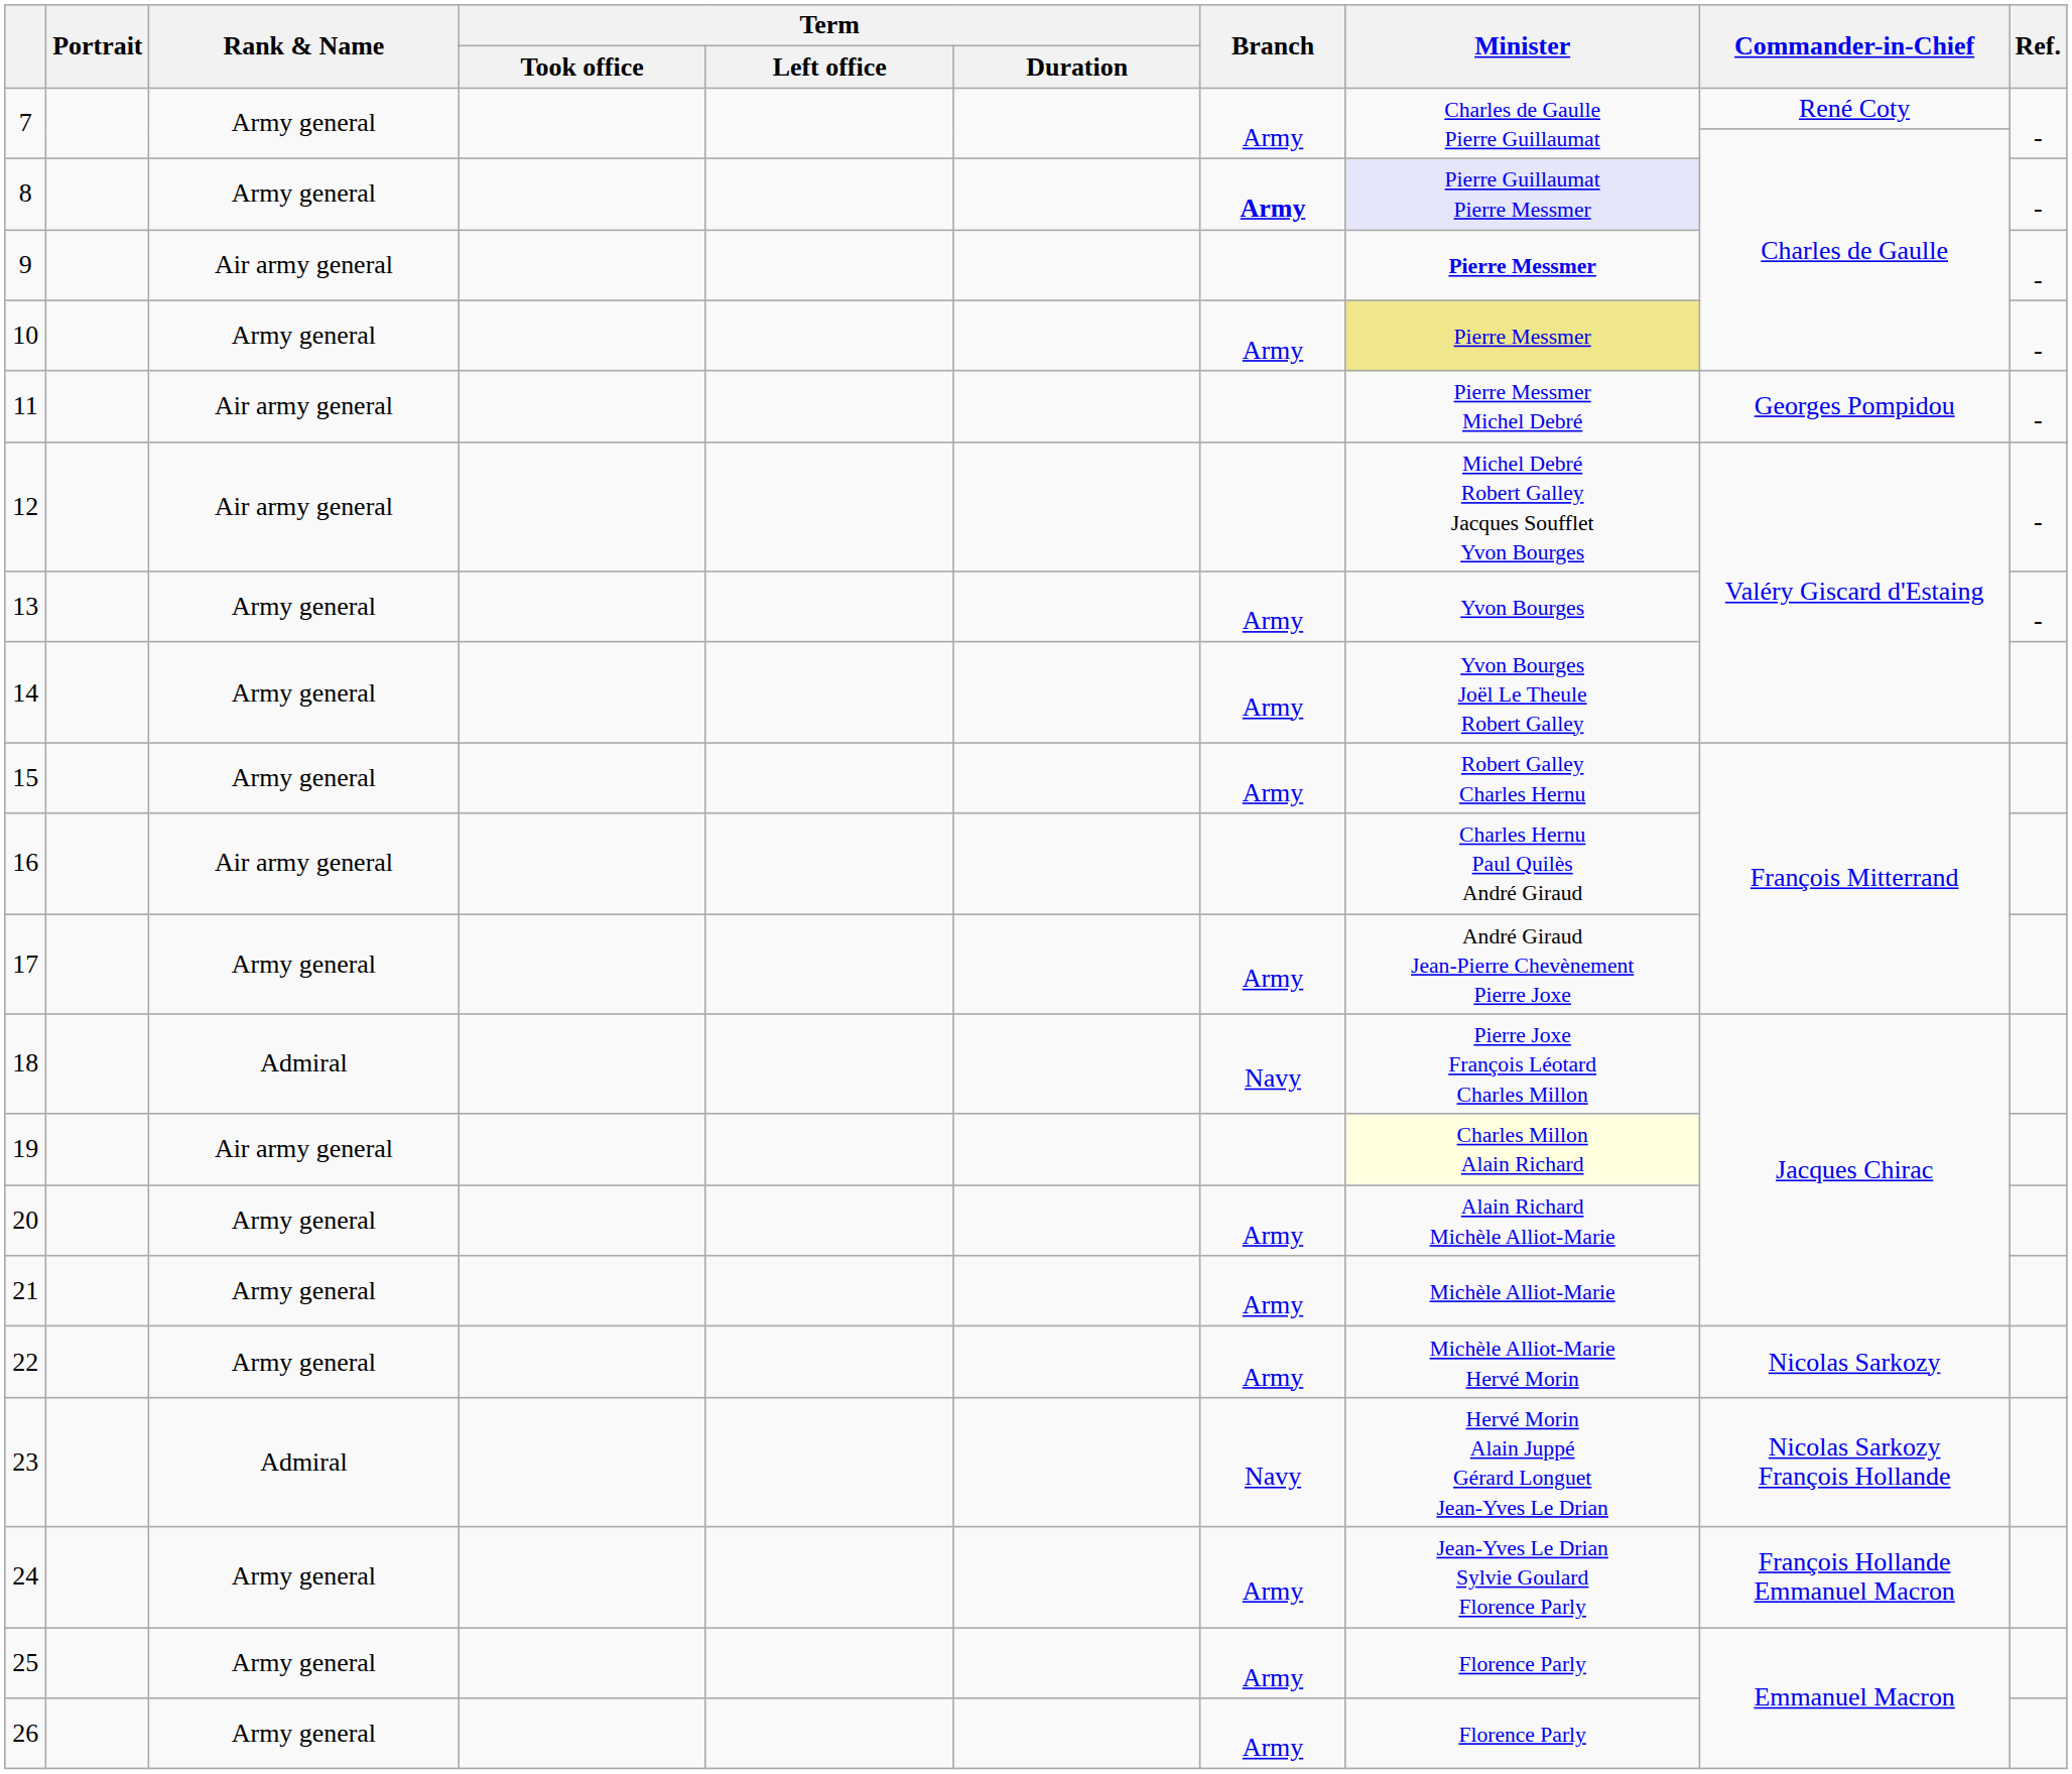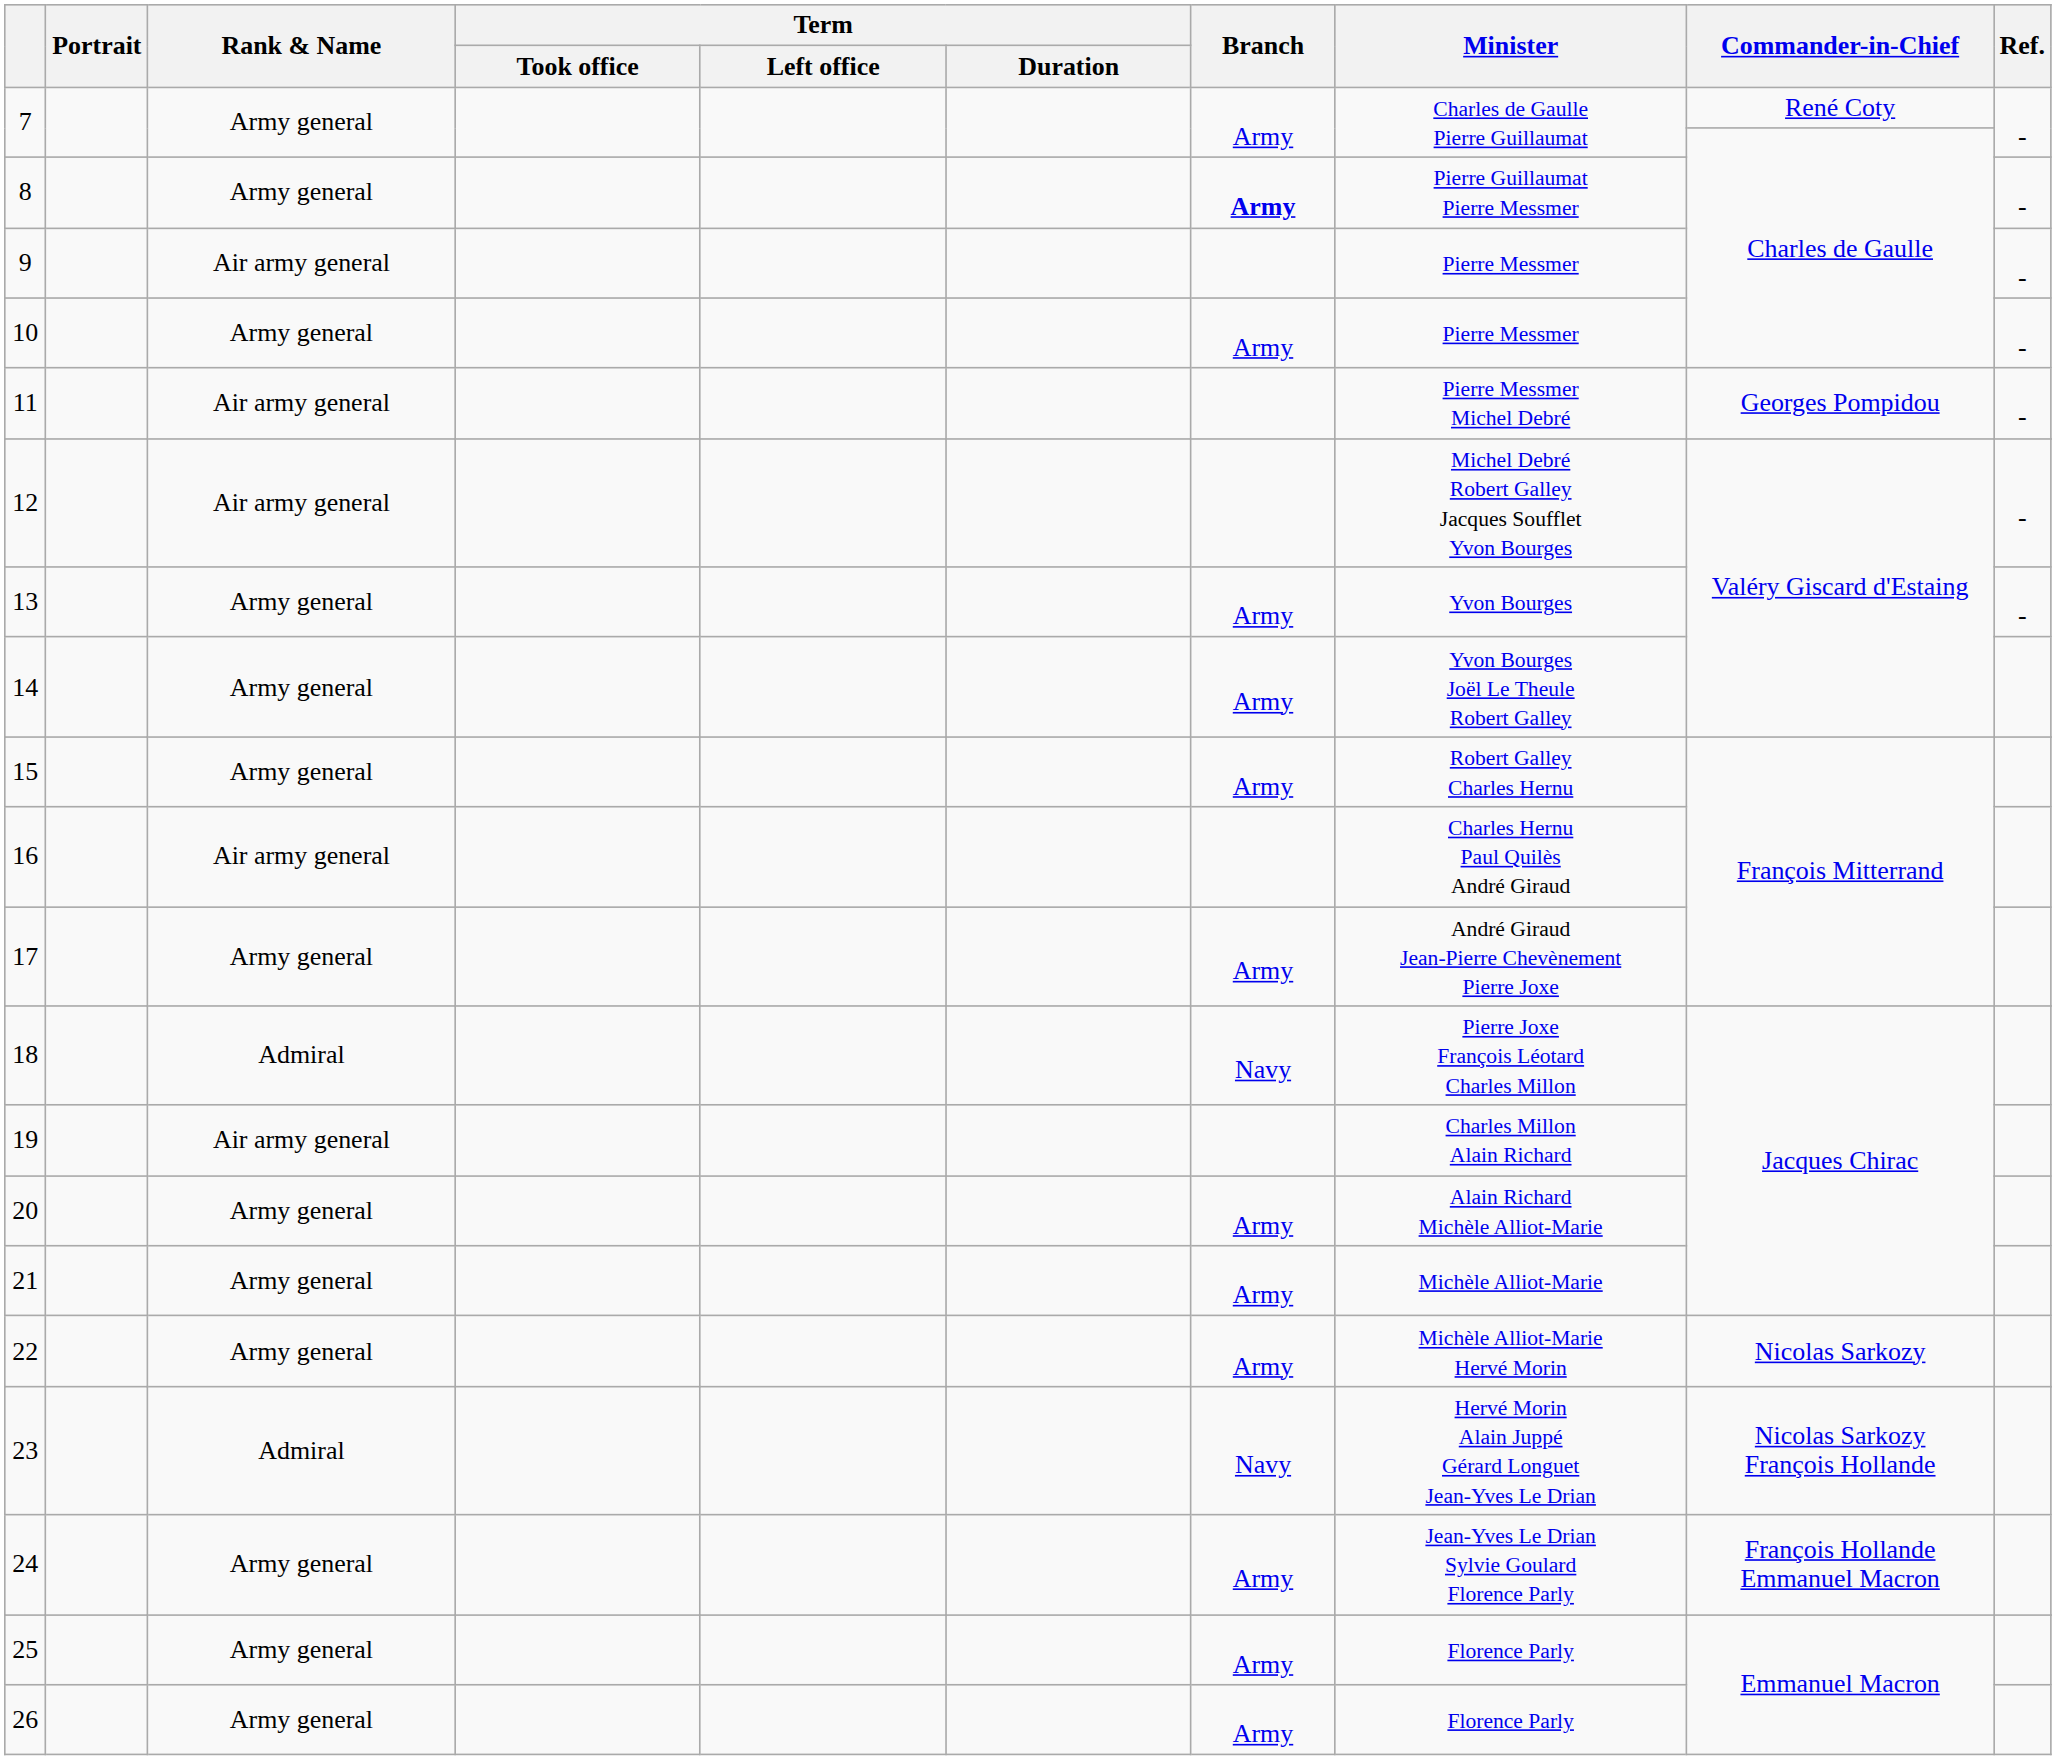 <table class="wikitable" style="text-align:center; width:100%">
 <tr>
 <th style="width:2%" rowspan=2></th>
 <th style="width:5%" rowspan=2>Portrait</th>
 <th style="width:15%" rowspan=2>Rank & Name</th>
 <th colspan=3>Term</th>
 <th style="width:7%" rowspan=2>Branch</th>
 <th rowspan=2><a href='#'>Minister</a></th>
 <th style="width:15%" rowspan=2><a href='#'>Commander-in-Chief</a></th>
 <th style="width:2%" rowspan=2>Ref.</th>
 </tr>
 <tr>
 <th style="width:12%">Took office </th>
 <th style="width:12%">Left office </th>
 <th style="width:12%">Duration</th>
 </tr>
 <tr>
 <td rowspan=2>7</td>
 <td rowspan=2></td>
 <td rowspan=2>Army general<br><strong></strong></td>
 <td rowspan=2></td>
 <td rowspan=2></td>
 <td rowspan=2></td>
 <td rowspan=2><br><a href='#'>Army</a></td>
 <td rowspan=2><small><a href='#'>Charles de Gaulle</a><br><a href='#'>Pierre Guillaumat</a></small></td>
 <td><a href='#'>René Coty</a></td>
 <td rowspan=2><br>-</td>
 </tr>
 <tr>
 <td rowspan=5><a href='#'>Charles de Gaulle</a></td>
 </tr>
 <tr>
 <td>8</td>
 <td></td>
 <td>Army general<br><strong></strong></td>
 <td></td>
 <td></td>
 <td></td>
 <td><strong><br><a href='#'>Army</a></strong></td>
-<td style="background: lavender;"><small><a href='#'>Pierre Guillaumat</a><br><a href='#'>Pierre Messmer</a></small></td>
+<td><small><a href='#'>Pierre Guillaumat</a><br><a href='#'>Pierre Messmer</a></small></td>
 <td><br>-</td>
 </tr>
 <tr>
 <td>9</td>
 <td></td>
 <td>Air army general<br><strong></strong></td>
 <td></td>
 <td></td>
 <td></td>
 <td><br></td>
-<td><strong><small><a href='#'>Pierre Messmer</a></small></strong></td>
+<td><small><a href='#'>Pierre Messmer</a></small></td>
 <td><br>-</td>
 </tr>
 <tr>
 <td>10</td>
 <td></td>
 <td>Army general<br><strong></strong></td>
 <td></td>
 <td></td>
 <td></td>
 <td><br><a href='#'>Army</a></td>
-<td style="background: khaki;"><small><a href='#'>Pierre Messmer</a></small></td>
+<td><small><a href='#'>Pierre Messmer</a></small></td>
 <td><br>-</td>
 </tr>
 <tr>
 <td rowspan=2>11</td>
 <td rowspan=2></td>
 <td rowspan=2>Air army general<br><strong></strong></td>
 <td rowspan=2></td>
 <td rowspan=2></td>
 <td rowspan=2></td>
 <td rowspan=2><br></td>
 <td rowspan=2><small><a href='#'>Pierre Messmer</a><br><a href='#'>Michel Debré</a></small></td>
 <td rowspan=2><br>-</td>
 </tr>
 <tr>
 <td rowspan=2><a href='#'>Georges Pompidou</a></td>
 </tr>
 <tr>
 <td rowspan=2>12</td>
 <td rowspan=2></td>
 <td rowspan=2>Air army general<br><strong></strong></td>
 <td rowspan=2></td>
 <td rowspan=2></td>
 <td rowspan=2></td>
 <td rowspan=2><br></td>
 <td rowspan=2><small><a href='#'>Michel Debré</a><br><a href='#'>Robert Galley</a><br>Jacques Soufflet<br><a href='#'>Yvon Bourges</a></small></td>
 <td rowspan=2><br>-</td>
 </tr>
 <tr>
 <td rowspan=4><a href='#'>Valéry Giscard d'Estaing</a></td>
 </tr>
 <tr>
 <td>13</td>
 <td></td>
 <td>Army general<br><strong></strong></td>
 <td></td>
 <td></td>
 <td></td>
 <td><br><a href='#'>Army</a></td>
 <td><small><a href='#'>Yvon Bourges</a></small></td>
 <td><br>-</td>
 </tr>
 <tr>
 <td>14</td>
 <td></td>
 <td>Army general<br><strong></strong></td>
 <td></td>
 <td></td>
 <td></td>
 <td><br><a href='#'>Army</a></td>
 <td><small><a href='#'>Yvon Bourges</a><br><a href='#'>Joël Le Theule</a><br><a href='#'>Robert Galley</a></small></td>
 <td><br></td>
 </tr>
 <tr>
 <td rowspan=2>15</td>
 <td rowspan=2></td>
 <td rowspan=2>Army general<br><strong></strong></td>
 <td rowspan=2></td>
 <td rowspan=2></td>
 <td rowspan=2></td>
 <td rowspan=2><br><a href='#'>Army</a></td>
 <td rowspan=2><small><a href='#'>Robert Galley</a><br><a href='#'>Charles Hernu</a></small></td>
 <td rowspan=2><br></td>
 </tr>
 <tr>
 <td rowspan=4><a href='#'>François Mitterrand</a></td>
 </tr>
 <tr>
 <td>16</td>
 <td></td>
 <td>Air army general<br><strong></strong></td>
 <td></td>
 <td></td>
 <td></td>
 <td><br></td>
 <td><small><a href='#'>Charles Hernu</a><br><a href='#'>Paul Quilès</a><br>André Giraud</small></td>
 <td><br></td>
 </tr>
 <tr>
 <td>17</td>
 <td></td>
 <td>Army general<br><strong></strong></td>
 <td></td>
 <td></td>
 <td></td>
 <td><br><a href='#'>Army</a></td>
 <td><small>André Giraud<br><a href='#'>Jean-Pierre Chevènement</a><br><a href='#'>Pierre Joxe</a></small></td>
 <td><br></td>
 </tr>
 <tr>
 <td rowspan=2>18</td>
 <td rowspan=2></td>
 <td rowspan=2>Admiral<br><strong></strong></td>
 <td rowspan=2></td>
 <td rowspan=2></td>
 <td rowspan=2></td>
 <td rowspan=2><br><a href='#'>Navy</a></td>
 <td rowspan=2><small><a href='#'>Pierre Joxe</a><br><a href='#'>François Léotard</a><br><a href='#'>Charles Millon</a></small></td>
 <td rowspan=2><br></td>
 </tr>
 <tr>
 <td rowspan=5><a href='#'>Jacques Chirac</a></td>
 </tr>
 <tr>
 <td>19</td>
 <td></td>
 <td>Air army general<br><strong></strong></td>
 <td></td>
 <td></td>
 <td></td>
 <td><br></td>
-<td style="background: lightyellow;"><small><a href='#'>Charles Millon</a><br><a href='#'>Alain Richard</a></small></td>
+<td><small><a href='#'>Charles Millon</a><br><a href='#'>Alain Richard</a></small></td>
 <td><br></td>
 </tr>
 <tr>
 <td>20</td>
 <td></td>
 <td>Army general<br><strong></strong></td>
 <td></td>
 <td></td>
 <td></td>
 <td><br><a href='#'>Army</a></td>
 <td><small><a href='#'>Alain Richard</a><br><a href='#'>Michèle Alliot-Marie</a></small></td>
 <td><br></td>
 </tr>
 <tr>
 <td>21</td>
 <td></td>
 <td>Army general<br><strong></strong></td>
 <td></td>
 <td></td>
 <td></td>
 <td><br><a href='#'>Army</a></td>
 <td><small><a href='#'>Michèle Alliot-Marie</a></small></td>
 <td><br></td>
 </tr>
 <tr>
 <td rowspan=2>22</td>
 <td rowspan=2></td>
 <td rowspan=2>Army general<br><strong></strong></td>
 <td rowspan=2></td>
 <td rowspan=2></td>
 <td rowspan=2></td>
 <td rowspan=2><br><a href='#'>Army</a></td>
 <td rowspan=2><small><a href='#'>Michèle Alliot-Marie</a><br><a href='#'>Hervé Morin</a></small></td>
 <td rowspan=2><br></td>
 </tr>
 <tr>
 <td rowspan=2><a href='#'>Nicolas Sarkozy</a></td>
 </tr>
 <tr>
 <td rowspan=2>23</td>
 <td rowspan=2></td>
 <td rowspan=2>Admiral<br><strong></strong></td>
 <td rowspan=2></td>
 <td rowspan=2></td>
 <td rowspan=2></td>
 <td rowspan=2><br><a href='#'>Navy</a></td>
 <td rowspan=2><small><a href='#'>Hervé Morin</a><br><a href='#'>Alain Juppé</a><br><a href='#'>Gérard Longuet</a><br><a href='#'>Jean-Yves Le Drian</a></small></td>
 <td rowspan=2><br></td>
 </tr>
 <tr>
 <td rowspan=2><a href='#'>Nicolas Sarkozy</a><br><a href='#'>François Hollande</a></td>
 </tr>
 <tr>
 <td rowspan=2>24</td>
 <td rowspan=2></td>
 <td rowspan=2>Army general<br><strong></strong></td>
 <td rowspan=2></td>
 <td rowspan=2></td>
 <td rowspan=2></td>
 <td rowspan=2><br><a href='#'>Army</a></td>
 <td rowspan=2><small><a href='#'>Jean-Yves Le Drian</a><br><a href='#'>Sylvie Goulard</a><br><a href='#'>Florence Parly</a></small></td>
 <td rowspan=2><br></td>
 </tr>
 <tr>
 <td rowspan=2><a href='#'>François Hollande</a><br><a href='#'>Emmanuel Macron</a></td>
 </tr>
 <tr>
 <td rowspan=2>25</td>
 <td rowspan=2></td>
 <td rowspan=2>Army general<br><strong></strong></td>
 <td rowspan=2></td>
 <td rowspan=2></td>
 <td rowspan=2></td>
 <td rowspan=2><br><a href='#'>Army</a></td>
 <td rowspan=2><small><a href='#'>Florence Parly</a></small></td>
 <td rowspan=2><br></td>
 </tr>
 <tr>
 <td rowspan=2><a href='#'>Emmanuel Macron</a></td>
 </tr>
 <tr>
 <td>26</td>
 <td></td>
 <td>Army general<br><strong></strong></td>
 <td></td>
 <td></td>
 <td></td>
 <td><br><a href='#'>Army</a></td>
 <td><small><a href='#'>Florence Parly</a></small></td>
 <td><br></td>
 </tr>
 </table>
